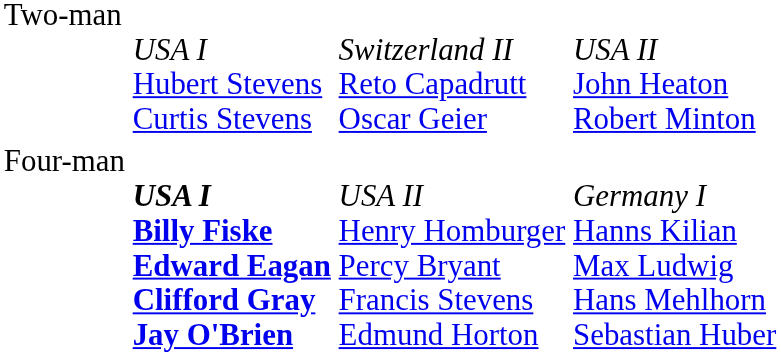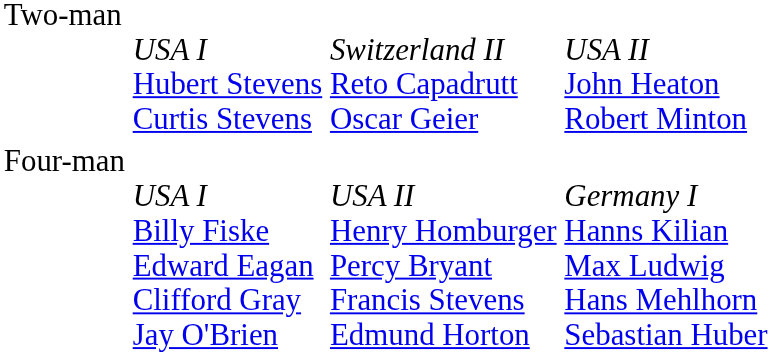 <table>
 <tr valign="top">
 <td>Two-man<br></td>
 <td><br><em>USA I</em><br><a href='#'>Hubert Stevens</a><br><a href='#'>Curtis Stevens</a></td>
 <td><br><em>Switzerland II</em><br><a href='#'>Reto Capadrutt</a><br><a href='#'>Oscar Geier</a></td>
 <td><br><em>USA II</em><br><a href='#'>John Heaton</a><br><a href='#'>Robert Minton</a></td>
 </tr>
 <tr valign="top">
 <td>Four-man<br></td>
-<td><strong><br><em>USA I</em><br><a href='#'>Billy Fiske</a><br><a href='#'>Edward Eagan</a><br><a href='#'>Clifford Gray</a><br><a href='#'>Jay O'Brien</a></strong></td>
+<td><br><em>USA I</em><br><a href='#'>Billy Fiske</a><br><a href='#'>Edward Eagan</a><br><a href='#'>Clifford Gray</a><br><a href='#'>Jay O'Brien</a></td>
 <td><br><em>USA II</em><br><a href='#'>Henry Homburger</a><br><a href='#'>Percy Bryant</a><br><a href='#'>Francis Stevens</a><br><a href='#'>Edmund Horton</a></td>
 <td><br><em>Germany I</em><br><a href='#'>Hanns Kilian</a><br><a href='#'>Max Ludwig</a><br><a href='#'>Hans Mehlhorn</a><br><a href='#'>Sebastian Huber</a></td>
 </tr>
 </table>
